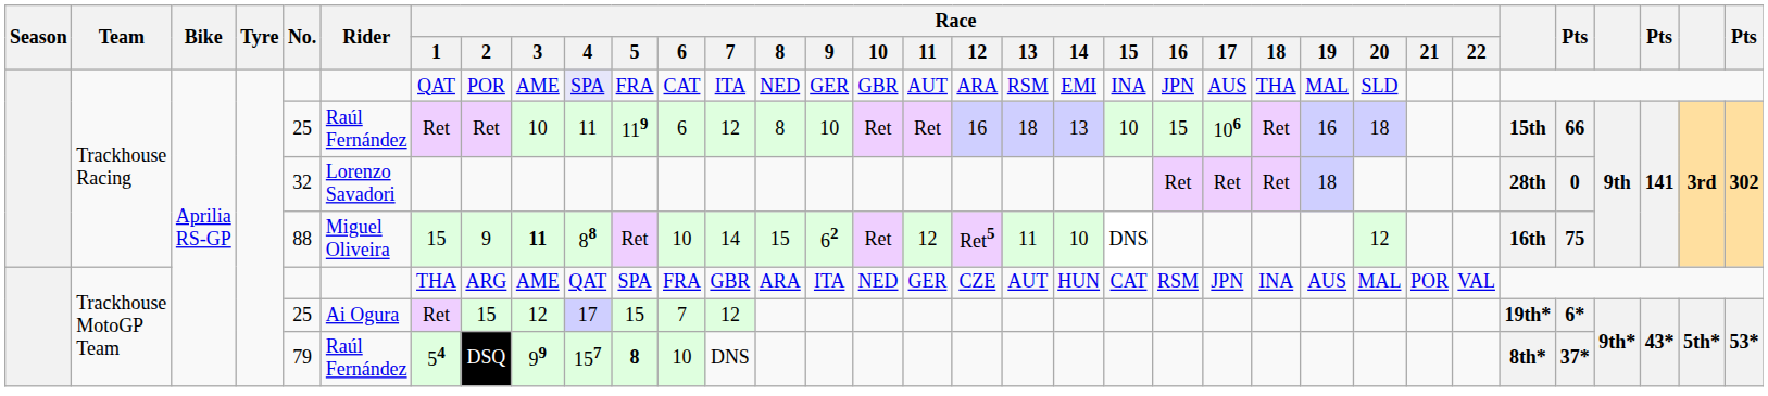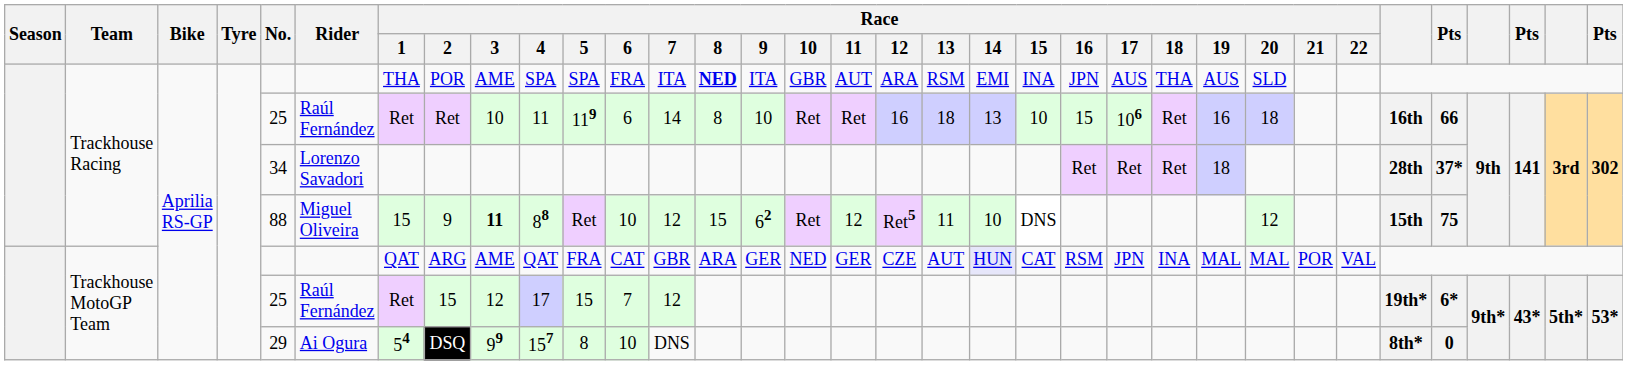 <table class="wikitable" style="text-align:center; font-size:85%;">
 <tr>
 <th scope="col" rowspan="2">Season</th>
 <th scope="col" rowspan="2">Team</th>
 <th scope="col" rowspan="2">Bike</th>
 <th scope="col" rowspan="2">Tyre</th>
 <th scope="col" rowspan="2">No.</th>
 <th scope="col" rowspan="2">Rider</th>
 <th scope="col" colspan="22">Race</th>
 <th scope="col" rowspan="2"></th>
 <th scope="col" rowspan="2">Pts</th>
 <th scope="col" rowspan="2"></th>
 <th scope="col" rowspan="2">Pts</th>
 <th scope="col" rowspan="2"></th>
 <th scope="col" rowspan="2">Pts</th>
 </tr>
 <tr>
 <th>1</th>
 <th>2</th>
 <th>3</th>
 <th>4</th>
 <th>5</th>
 <th>6</th>
 <th>7</th>
 <th>8</th>
 <th>9</th>
 <th>10</th>
 <th>11</th>
 <th>12</th>
 <th>13</th>
 <th>14</th>
 <th>15</th>
 <th>16</th>
 <th>17</th>
 <th>18</th>
 <th>19</th>
 <th>20</th>
 <th>21</th>
 <th>22</th>
 </tr>
 <tr>
 <th scope="row" rowspan="4"></th>
 <td style="text-align:left;" rowspan="4">Trackhouse Racing</td>
 <td rowspan="7"><a href='#'>Aprilia RS-GP</a></td>
 <td rowspan="7"></td>
 <td></td>
 <td></td>
-<td><a href='#'>QAT</a></td>
+<td><a href='#'>THA</a></td>
 <td><a href='#'>POR</a></td>
 <td><a href='#'>AME</a></td>
-<td style="background: lavender;"><a href='#'>SPA</a></td>
+<td><a href='#'>SPA</a></td>
+<td><a href='#'>SPA</a></td>
 <td><a href='#'>FRA</a></td>
-<td><a href='#'>CAT</a></td>
 <td><a href='#'>ITA</a></td>
-<td><a href='#'>NED</a></td>
-<td><a href='#'>GER</a></td>
+<td><strong><a href='#'>NED</a></strong></td>
+<td><a href='#'>ITA</a></td>
 <td><a href='#'>GBR</a></td>
 <td><a href='#'>AUT</a></td>
 <td><a href='#'>ARA</a></td>
 <td><a href='#'>RSM</a></td>
 <td><a href='#'>EMI</a></td>
 <td><a href='#'>INA</a></td>
 <td><a href='#'>JPN</a></td>
 <td><a href='#'>AUS</a></td>
 <td><a href='#'>THA</a></td>
-<td><a href='#'>MAL</a></td>
+<td><a href='#'>AUS</a></td>
 <td><a href='#'>SLD</a></td>
 <td></td>
 <td></td>
 </tr>
 <tr>
 <td>25</td>
 <td style="text-align:left;"> <a href='#'>Raúl Fernández</a></td>
 <td style="background:#EFCFFF;">Ret</td>
 <td style="background:#EFCFFF;">Ret</td>
 <td style="background:#DFFFDF;">10</td>
 <td style="background:#DFFFDF;">11</td>
 <td style="background:#DFFFDF;">11<sup><strong>9</strong></sup></td>
 <td style="background:#DFFFDF;">6</td>
-<td style="background:#DFFFDF;">12</td>
+<td style="background:#DFFFDF;">14</td>
 <td style="background:#DFFFDF;">8</td>
 <td style="background:#DFFFDF;">10</td>
 <td style="background:#EFCFFF;">Ret</td>
 <td style="background:#EFCFFF;">Ret</td>
 <td style="background:#CFCFFF;">16</td>
 <td style="background:#CFCFFF;">18</td>
 <td style="background:#CFCFFF;">13</td>
 <td style="background:#DFFFDF;">10</td>
 <td style="background:#DFFFDF;">15</td>
 <td style="background:#DFFFDF;">10<sup><strong>6</strong></sup></td>
 <td style="background:#EFCFFF;">Ret</td>
 <td style="background:#CFCFFF;">16</td>
 <td style="background:#CFCFFF;">18</td>
 <td></td>
 <td></td>
-<th>15th</th>
+<th>16th</th>
 <th>66</th>
 <th rowspan="3">9th</th>
 <th rowspan="3">141</th>
 <th rowspan="3" style="background:#FFDF9F;">3rd</th>
 <th rowspan="3" style="background:#FFDF9F;">302</th>
 </tr>
 <tr>
-<td>32</td>
+<td>34</td>
 <td style="text-align:left;"> <a href='#'>Lorenzo Savadori</a></td>
 <td></td>
 <td></td>
 <td></td>
 <td></td>
 <td></td>
 <td></td>
 <td></td>
 <td></td>
 <td></td>
 <td></td>
 <td></td>
 <td></td>
 <td></td>
 <td></td>
 <td></td>
 <td style="background:#EFCFFF;">Ret</td>
 <td style="background:#EFCFFF;">Ret</td>
 <td style="background:#EFCFFF;">Ret</td>
 <td style="background:#CFCFFF;">18</td>
 <td></td>
 <td></td>
 <td></td>
 <th>28th</th>
-<th>0</th>
+<th>37*</th>
 </tr>
 <tr>
 <td>88</td>
 <td style="text-align:left;"> <a href='#'>Miguel Oliveira</a></td>
 <td style="background:#DFFFDF;">15</td>
 <td style="background:#DFFFDF;">9</td>
 <td style="background:#DFFFDF;"><strong>11</strong></td>
 <td style="background:#DFFFDF;">8<sup><strong>8</strong></sup></td>
 <td style="background:#EFCFFF;">Ret</td>
 <td style="background:#DFFFDF;">10</td>
-<td style="background:#DFFFDF;">14</td>
+<td style="background:#DFFFDF;">12</td>
 <td style="background:#DFFFDF;">15</td>
 <td style="background:#DFFFDF;">6<sup><strong>2</strong></sup></td>
 <td style="background:#EFCFFF;">Ret</td>
 <td style="background:#DFFFDF;">12</td>
 <td style="background:#EFCFFF;">Ret<sup><strong>5</strong></sup></td>
 <td style="background:#DFFFDF;">11</td>
 <td style="background:#DFFFDF;">10</td>
 <td style="background:#FFFFFF;">DNS</td>
 <td></td>
 <td></td>
 <td></td>
 <td></td>
 <td style="background:#DFFFDF;">12</td>
 <td></td>
 <td></td>
-<th>16th</th>
+<th>15th</th>
 <th>75</th>
 </tr>
 <tr>
 <th scope="row" rowspan="3"></th>
 <td style="text-align:left;" rowspan="3">Trackhouse MotoGP Team</td>
 <td></td>
 <td></td>
-<td><a href='#'>THA</a></td>
+<td><a href='#'>QAT</a></td>
 <td><a href='#'>ARG</a></td>
 <td><a href='#'>AME</a></td>
 <td><a href='#'>QAT</a></td>
-<td><a href='#'>SPA</a></td>
 <td><a href='#'>FRA</a></td>
+<td><a href='#'>CAT</a></td>
 <td><a href='#'>GBR</a></td>
 <td><a href='#'>ARA</a></td>
-<td><a href='#'>ITA</a></td>
+<td><a href='#'>GER</a></td>
 <td><a href='#'>NED</a></td>
 <td><a href='#'>GER</a></td>
 <td><a href='#'>CZE</a></td>
 <td><a href='#'>AUT</a></td>
-<td><a href='#'>HUN</a></td>
+<td style="background: lavender;"><a href='#'>HUN</a></td>
 <td><a href='#'>CAT</a></td>
 <td><a href='#'>RSM</a></td>
 <td><a href='#'>JPN</a></td>
 <td><a href='#'>INA</a></td>
-<td><a href='#'>AUS</a></td>
+<td><a href='#'>MAL</a></td>
 <td><a href='#'>MAL</a></td>
 <td><a href='#'>POR</a></td>
 <td><a href='#'>VAL</a></td>
 </tr>
 <tr>
 <td>25</td>
-<td style="text-align:left;"> <a href='#'>Ai Ogura</a></td>
+<td style="text-align:left;"> <a href='#'>Raúl Fernández</a></td>
 <td style="background:#EFCFFF;">Ret</td>
 <td style="background:#DFFFDF;">15</td>
 <td style="background:#DFFFDF;">12</td>
 <td style="background:#CFCFFF;">17</td>
 <td style="background:#DFFFDF;">15</td>
 <td style="background:#DFFFDF;">7</td>
 <td style="background:#DFFFDF;">12</td>
 <td style="background:#;"></td>
 <td style="background:#;"></td>
 <td style="background:#;"></td>
 <td style="background:#;"></td>
 <td style="background:#;"></td>
 <td style="background:#;"></td>
 <td style="background:#;"></td>
 <td style="background:#;"></td>
 <td style="background:#;"></td>
 <td style="background:#;"></td>
 <td style="background:#;"></td>
 <td style="background:#;"></td>
 <td style="background:#;"></td>
 <td style="background:#;"></td>
 <td style="background:#;"></td>
 <th>19th*</th>
 <th>6*</th>
 <th rowspan="2">9th*</th>
 <th rowspan="2">43*</th>
 <th rowspan="2" style="background:#;">5th*</th>
 <th rowspan="2" style="background:#;">53*</th>
 </tr>
 <tr>
-<td>79</td>
-<td style="text-align:left;"> <a href='#'>Raúl Fernández</a></td>
+<td>29</td>
+<td style="text-align:left;"> <a href='#'>Ai Ogura</a></td>
 <td style="background:#DFFFDF;">5<sup><strong>4</strong></sup></td>
 <td style="background:#000000; color:#FFFFFF;">DSQ</td>
 <td style="background:#DFFFDF;">9<sup><strong>9</strong></sup></td>
 <td style="background:#DFFFDF;">15<sup><strong>7</strong></sup></td>
-<td style="background:#DFFFDF;"><strong>8</strong></td>
+<td style="background:#DFFFDF;">8</td>
 <td style="background:#DFFFDF;">10</td>
 <td style="background:#;">DNS</td>
 <td style="background:#;"></td>
 <td style="background:#;"></td>
 <td style="background:#;"></td>
 <td style="background:#;"></td>
 <td style="background:#;"></td>
 <td style="background:#;"></td>
 <td style="background:#;"></td>
 <td style="background:#;"></td>
 <td style="background:#;"></td>
 <td style="background:#;"></td>
 <td style="background:#;"></td>
 <td style="background:#;"></td>
 <td style="background:#;"></td>
 <td style="background:#;"></td>
 <td style="background:#;"></td>
 <th>8th*</th>
-<th>37*</th>
+<th>0</th>
 </tr>
 </table>
